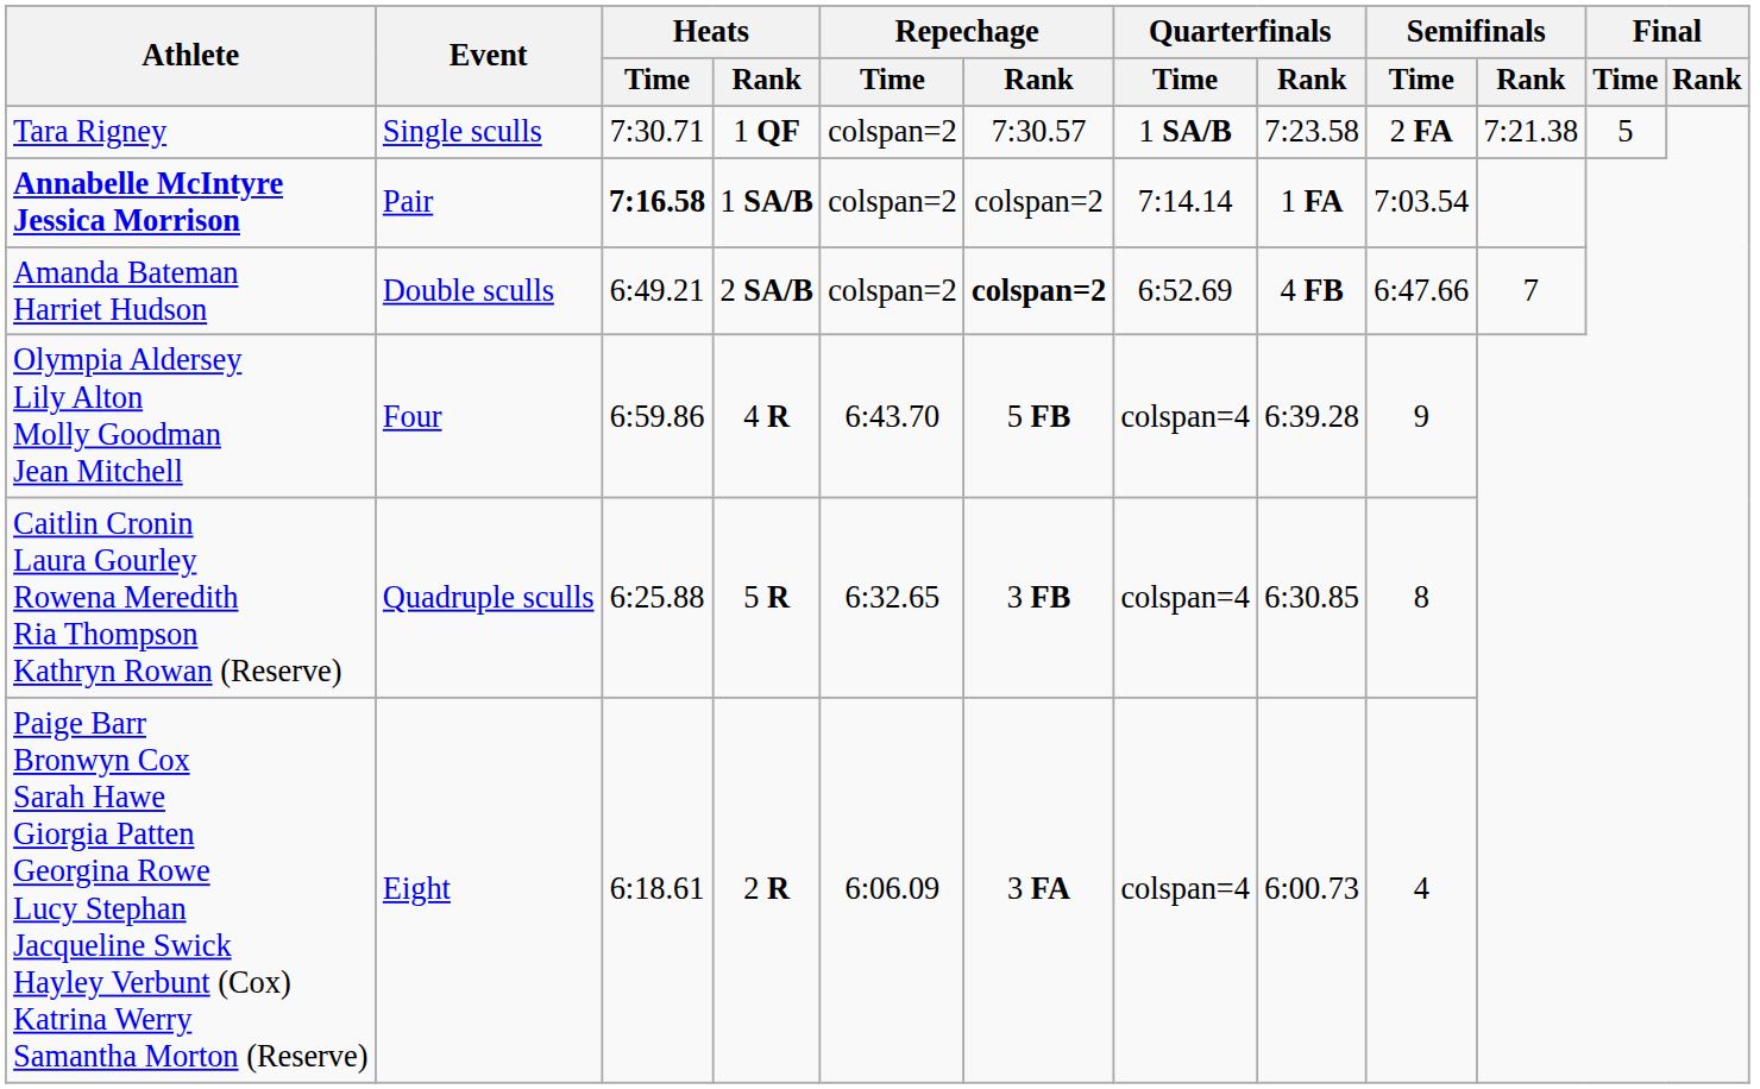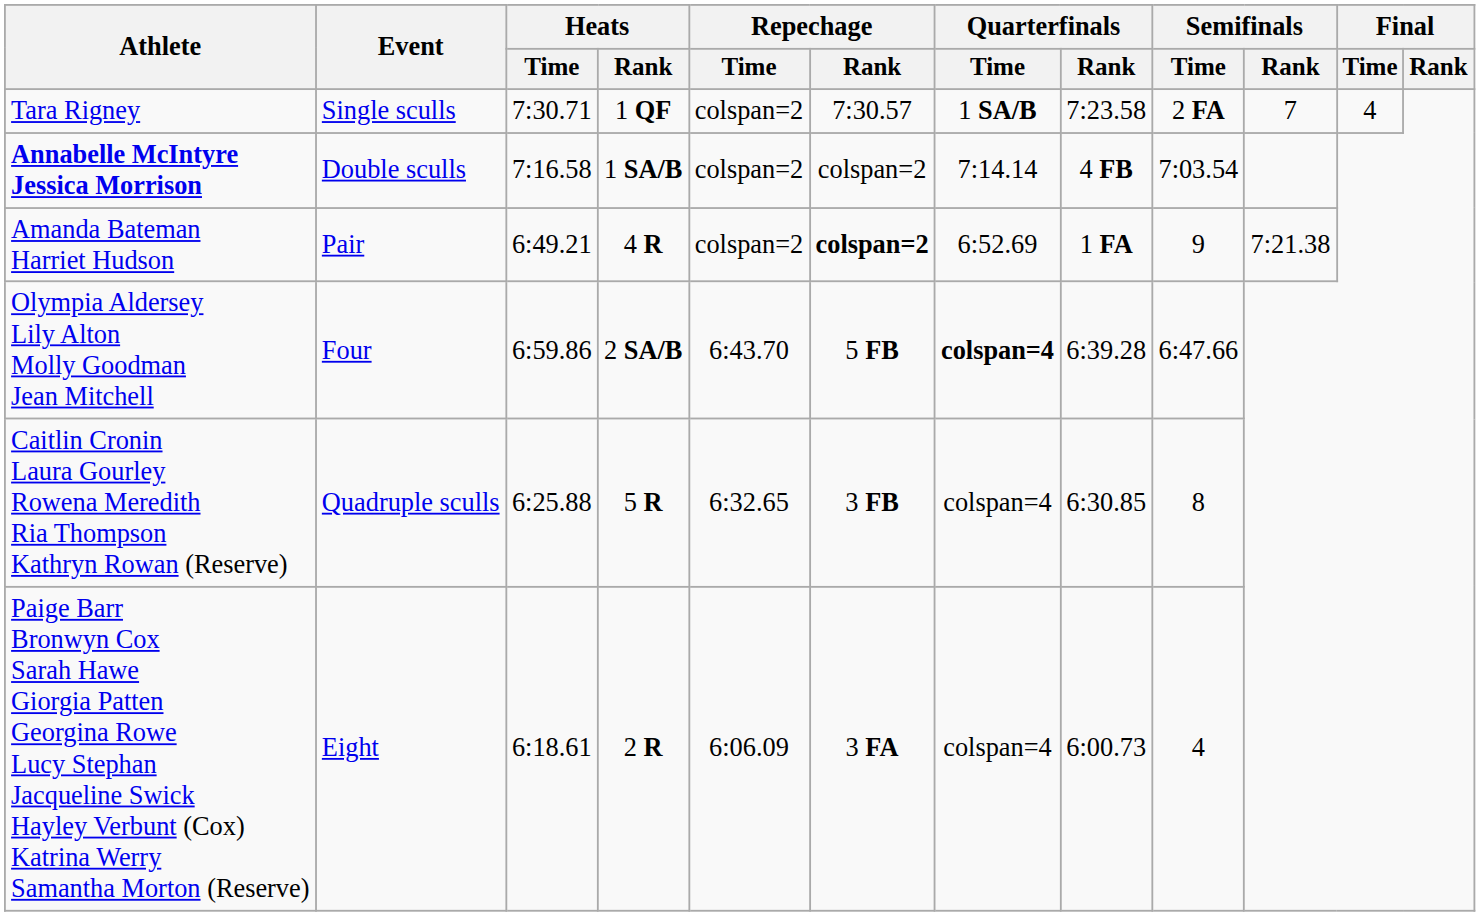 <table class=wikitable style=font-size:90%;text-align:center>
 <tr>
 <th rowspan=2>Athlete</th>
 <th rowspan=2>Event</th>
 <th colspan=2>Heats</th>
 <th colspan=2>Repechage</th>
 <th colspan=2>Quarterfinals</th>
 <th colspan=2>Semifinals</th>
 <th colspan=2>Final</th>
 </tr>
 <tr style=font-size:95%>
 <th>Time</th>
 <th>Rank</th>
 <th>Time</th>
 <th>Rank</th>
 <th>Time</th>
 <th>Rank</th>
 <th>Time</th>
 <th>Rank</th>
 <th>Time</th>
 <th>Rank</th>
 </tr>
 <tr>
 <td align=left><a href='#'>Tara Rigney</a></td>
 <td align=left><a href='#'>Single sculls</a></td>
 <td>7:30.71</td>
 <td>1 <strong>QF</strong></td>
 <td>colspan=2 </td>
 <td>7:30.57</td>
 <td>1 <strong>SA/B</strong></td>
 <td>7:23.58</td>
 <td>2 <strong>FA</strong></td>
-<td>7:21.38</td>
-<td>5</td>
+<td>7</td>
+<td>4</td>
 </tr>
 <tr>
 <td align=left><strong><a href='#'>Annabelle McIntyre</a><br><a href='#'>Jessica Morrison</a></strong></td>
-<td align=left><a href='#'>Pair</a></td>
-<td><strong>7:16.58</strong></td>
+<td align=left><a href='#'>Double sculls</a></td>
+<td>7:16.58</td>
 <td>1 <strong>SA/B</strong></td>
 <td>colspan=2 </td>
 <td>colspan=2 </td>
 <td>7:14.14</td>
-<td>1 <strong>FA</strong></td>
+<td>4 <strong>FB</strong></td>
 <td>7:03.54</td>
 <td></td>
 </tr>
 <tr>
 <td align=left><a href='#'>Amanda Bateman</a><br><a href='#'>Harriet Hudson</a></td>
-<td align=left><a href='#'>Double sculls</a></td>
+<td align=left><a href='#'>Pair</a></td>
 <td>6:49.21</td>
-<td>2 <strong>SA/B</strong></td>
+<td>4 <strong>R</strong></td>
 <td>colspan=2 </td>
 <td><strong>colspan=2 </strong></td>
 <td>6:52.69</td>
-<td>4 <strong>FB</strong></td>
-<td>6:47.66</td>
-<td>7</td>
+<td>1 <strong>FA</strong></td>
+<td>9</td>
+<td>7:21.38</td>
 </tr>
 <tr>
 <td align=left><a href='#'>Olympia Aldersey</a><br><a href='#'>Lily Alton</a><br><a href='#'>Molly Goodman</a><br><a href='#'>Jean Mitchell</a></td>
 <td align=left><a href='#'>Four</a></td>
 <td>6:59.86</td>
-<td>4 <strong>R</strong></td>
+<td>2 <strong>SA/B</strong></td>
 <td>6:43.70</td>
 <td>5 <strong>FB</strong></td>
-<td>colspan=4 </td>
+<td><strong>colspan=4 </strong></td>
 <td>6:39.28</td>
-<td>9</td>
+<td>6:47.66</td>
 </tr>
 <tr>
 <td align=left><a href='#'>Caitlin Cronin</a><br><a href='#'>Laura Gourley</a><br><a href='#'>Rowena Meredith</a><br><a href='#'>Ria Thompson</a><br><a href='#'>Kathryn Rowan</a> (Reserve)</td>
 <td align=left><a href='#'>Quadruple sculls</a></td>
 <td>6:25.88</td>
 <td>5 <strong>R</strong></td>
 <td>6:32.65</td>
 <td>3 <strong>FB</strong></td>
 <td>colspan=4 </td>
 <td>6:30.85</td>
 <td>8</td>
 </tr>
 <tr>
 <td align=left><a href='#'>Paige Barr</a><br><a href='#'>Bronwyn Cox</a><br><a href='#'>Sarah Hawe</a><br><a href='#'>Giorgia Patten</a><br><a href='#'>Georgina Rowe</a><br><a href='#'>Lucy Stephan</a><br><a href='#'>Jacqueline Swick</a><br><a href='#'>Hayley Verbunt</a> (Cox) <br><a href='#'>Katrina Werry</a><br><a href='#'>Samantha Morton</a> (Reserve)</td>
 <td align=left><a href='#'>Eight</a></td>
 <td>6:18.61</td>
 <td>2 <strong>R</strong></td>
 <td>6:06.09</td>
 <td>3 <strong>FA</strong></td>
 <td>colspan=4 </td>
 <td>6:00.73</td>
 <td>4</td>
 </tr>
 </table>
